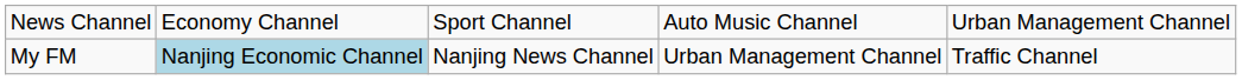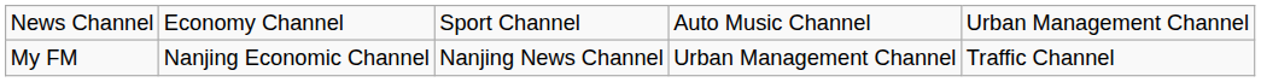 <table class="wikitable">
 <tr>
 <td>News Channel</td>
 <td>Economy Channel</td>
 <td>Sport Channel</td>
 <td>Auto Music Channel</td>
 <td>Urban Management Channel</td>
 </tr>
 <tr>
 <td>My FM</td>
-<td style="background: lightblue;">Nanjing Economic Channel</td>
+<td>Nanjing Economic Channel</td>
 <td>Nanjing News Channel</td>
 <td>Urban Management Channel</td>
 <td>Traffic Channel</td>
 </tr>
 </table>
